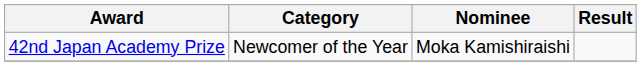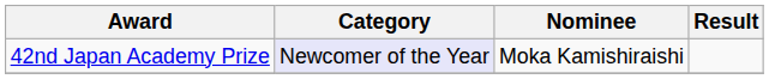 <table class="wikitable sortable">
 <tr>
 <th>Award</th>
 <th>Category</th>
 <th>Nominee</th>
 <th>Result</th>
 </tr>
 <tr>
 <td><a href='#'>42nd Japan Academy Prize</a></td>
-<td>Newcomer of the Year</td>
+<td style="background: lavender;">Newcomer of the Year</td>
 <td>Moka Kamishiraishi</td>
 <td></td>
 </tr>
 <tr>
 </tr>
 </table>
